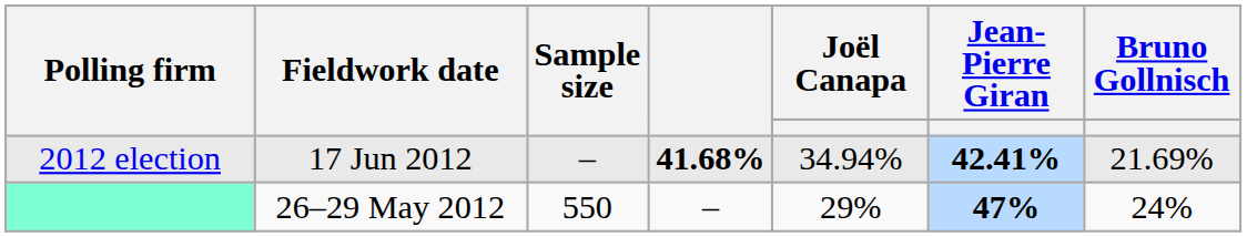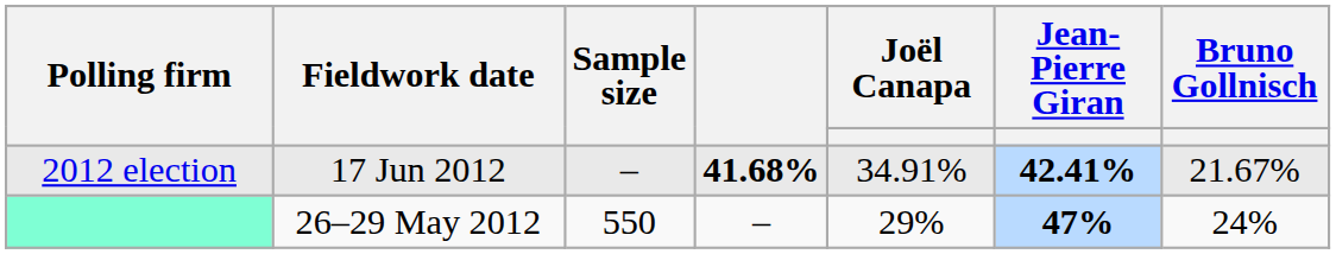 <table class="wikitable sortable" style="text-align:center;font-size:90%;line-height:14px;">
 <tr style="height:40px;">
 <th style="width:100px;" rowspan="2">Polling firm</th>
 <th style="width:110px;" rowspan="2">Fieldwork date</th>
 <th style="width:35px;" rowspan="2">Sample<br>size</th>
 <th style="width:30px;" rowspan="2"></th>
 <th class="unsortable" style="width:60px;">Joël Canapa<br></th>
 <th class="unsortable" style="width:60px;"><a href='#'>Jean-Pierre Giran</a><br></th>
 <th class="unsortable" style="width:60px;"><a href='#'>Bruno Gollnisch</a><br></th>
 </tr>
 <tr>
 <th style="background:"></th>
 <th style="background:"></th>
 <th style="background:"></th>
 </tr>
 <tr style="background:#E9E9E9;">
 <td><a href='#'>2012 election</a></td>
 <td data-sort-value="2012-06-17">17 Jun 2012</td>
 <td>–</td>
 <td><strong>41.68%</strong></td>
-<td>34.94%</td>
+<td>34.91%</td>
 <td style="background:#B9DAFF;"><strong>42.41%</strong></td>
-<td>21.69%</td>
+<td>21.67%</td>
 </tr>
 <tr>
 <td style="background:aquamarine;"></td>
 <td data-sort-value="2012-05-29">26–29 May 2012</td>
 <td>550</td>
 <td>–</td>
 <td>29%</td>
 <td style="background:#B9DAFF;"><strong>47%</strong></td>
 <td>24%</td>
 </tr>
 </table>
